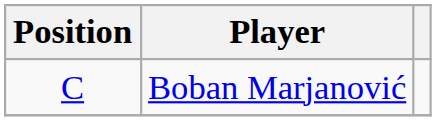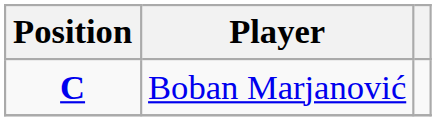 <table class="wikitable" style="text-align: center;">
 <tr>
 <th>Position</th>
 <th>Player</th>
 <th></th>
 </tr>
 <tr>
-<td><a href='#'>C</a></td>
+<td><strong><a href='#'>C</a></strong></td>
 <td align="left"> <a href='#'>Boban Marjanović</a></td>
 <td></td>
 </tr>
 <tr>
 </tr>
 </table>
